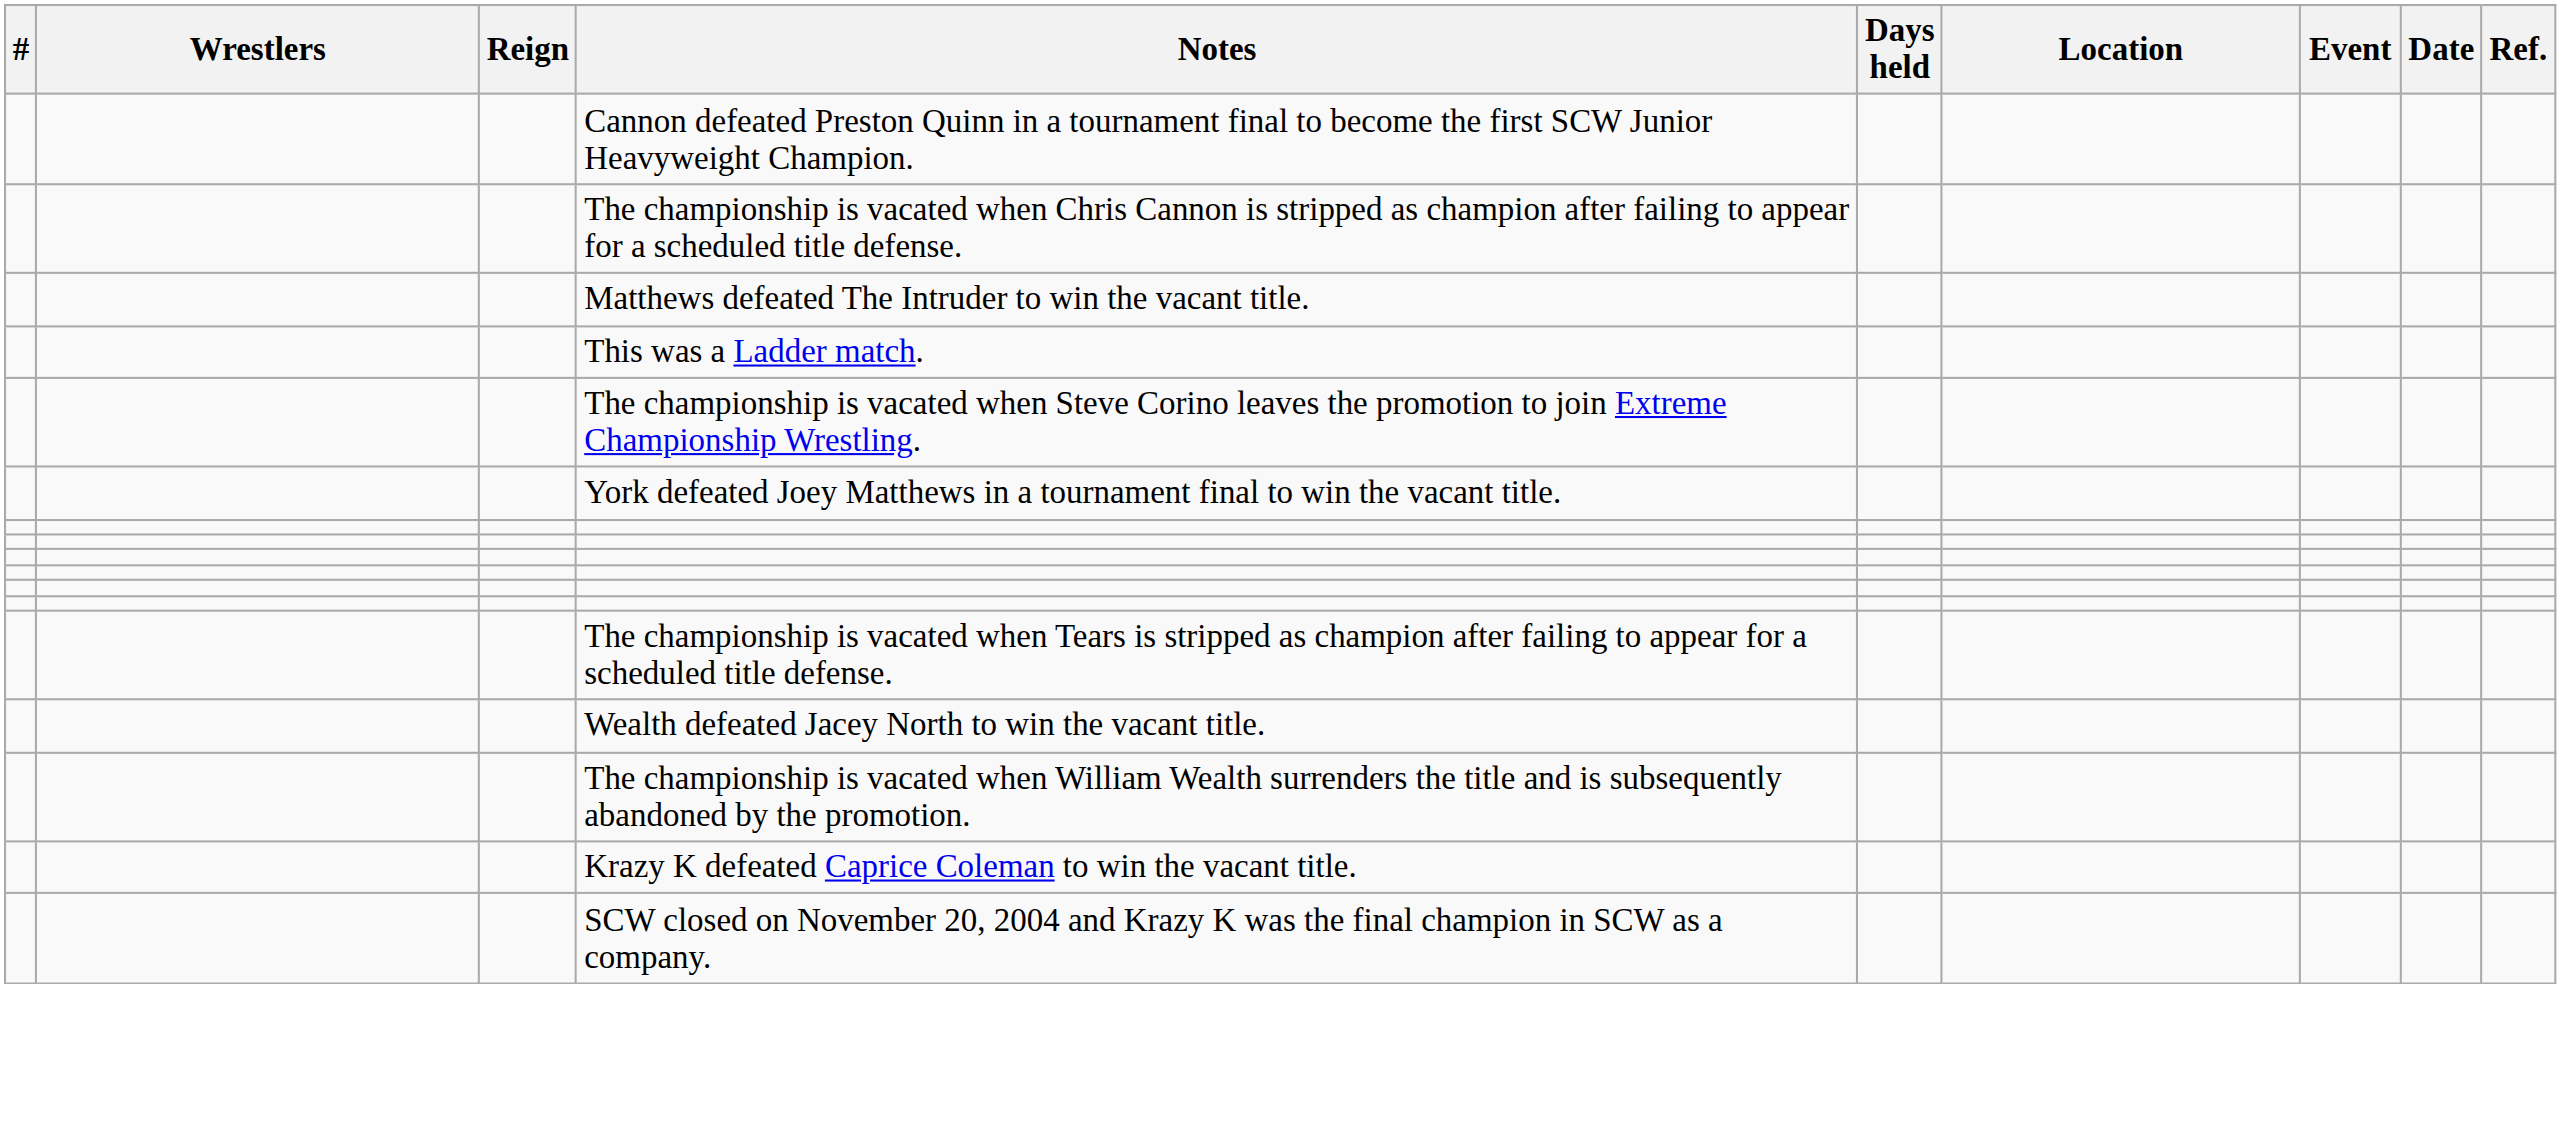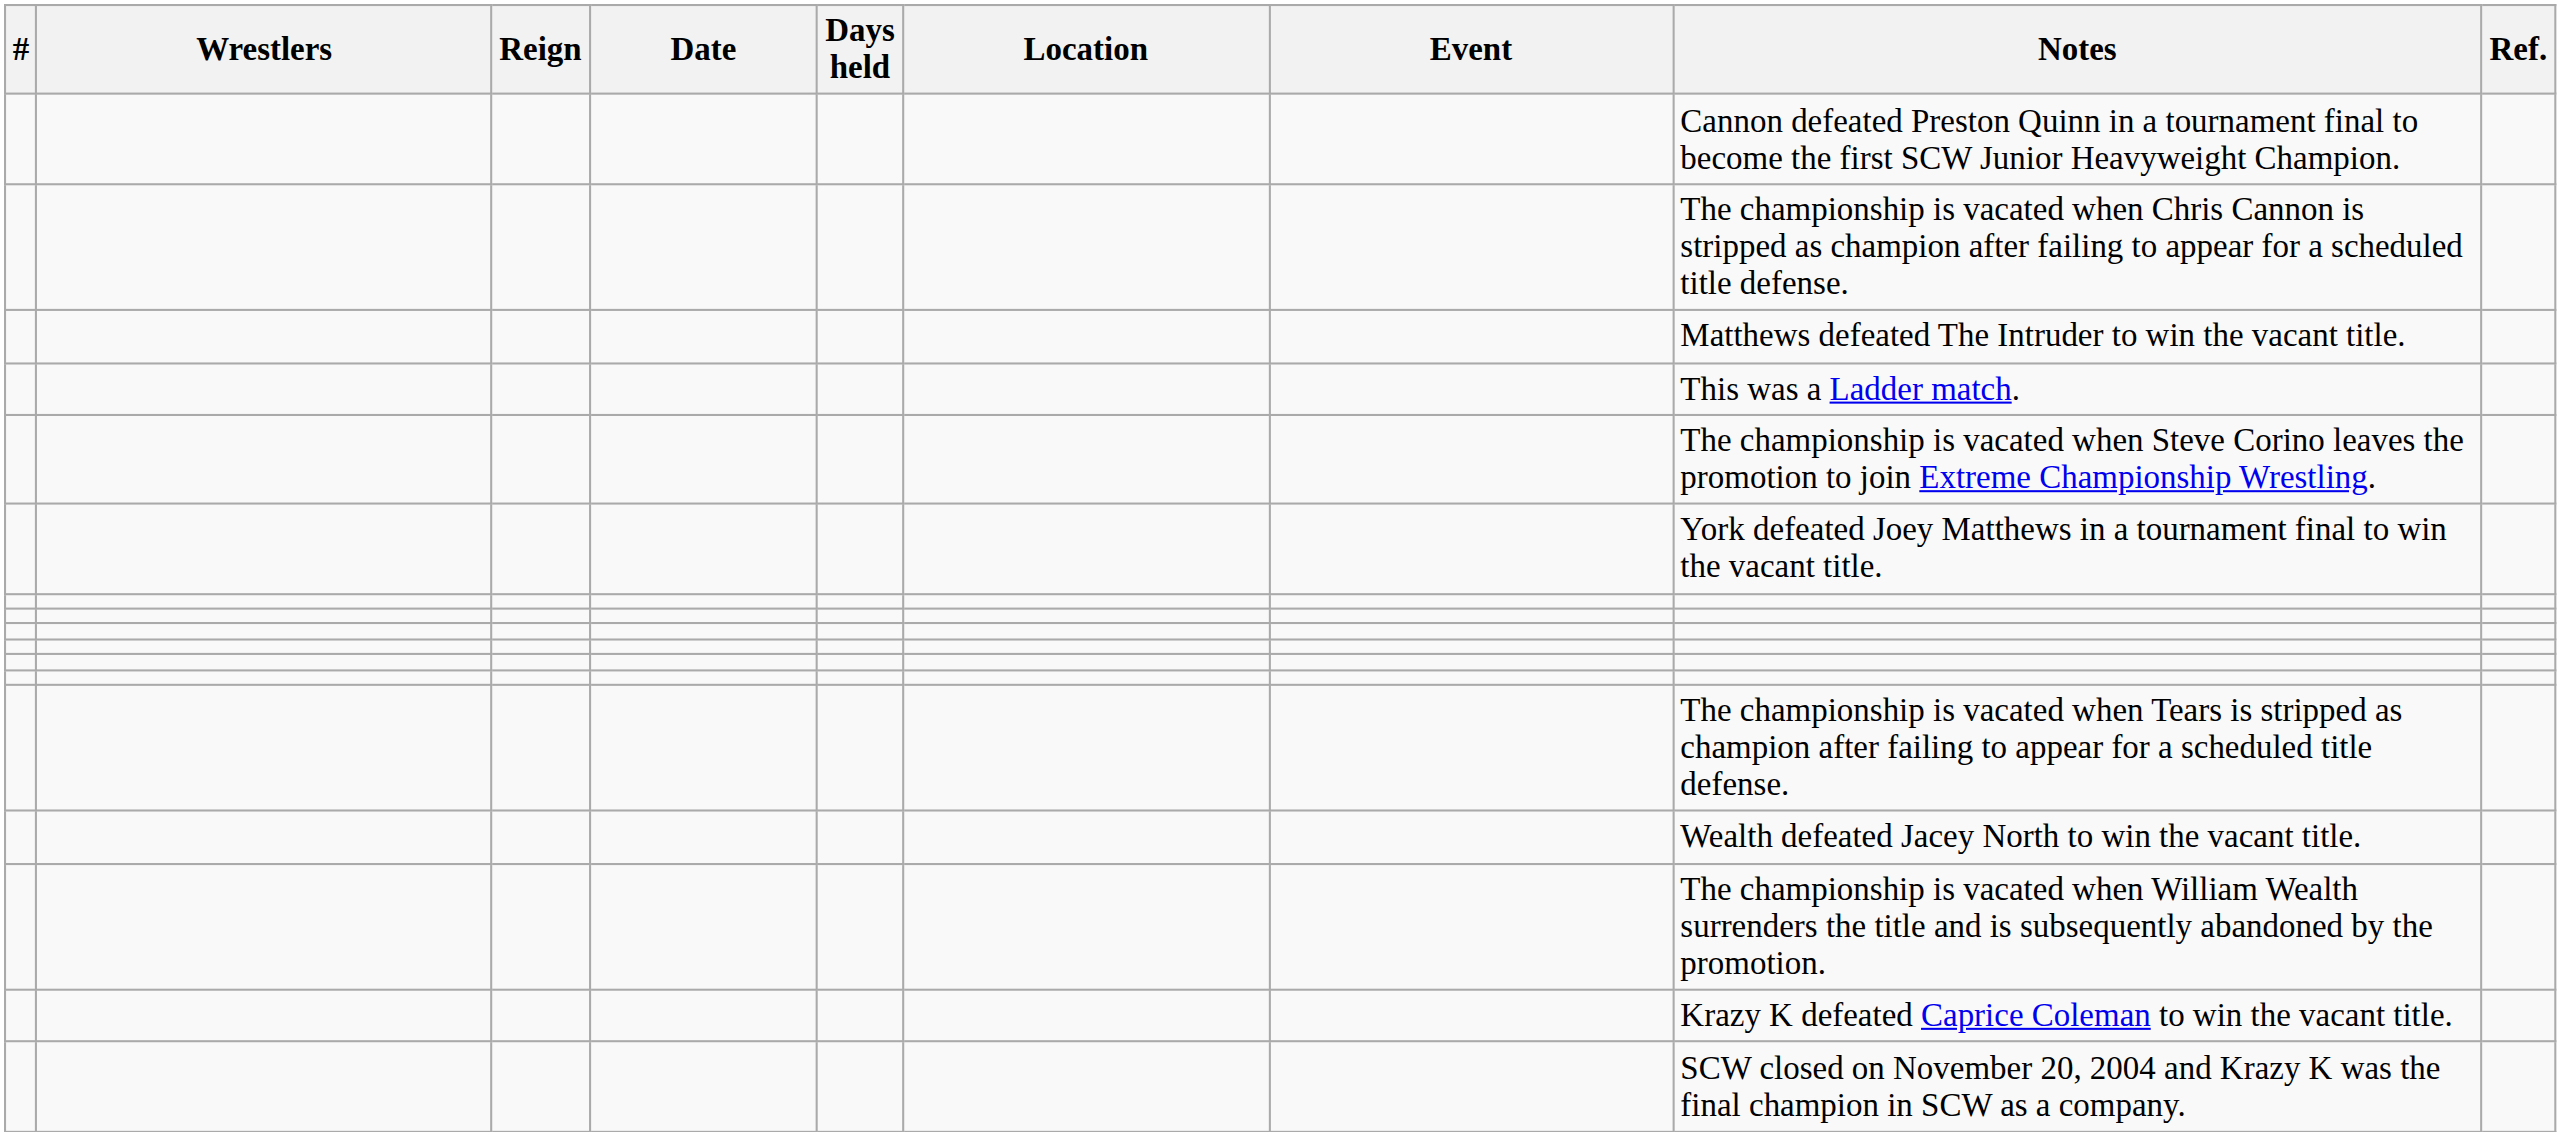 <table class="wikitable sortable" width=98% style="text-align:center;">
 <tr>
 <th width=0%>#</th>
 <th width=20%>Wrestlers</th>
 <th width=0%>Reign</th>
-<th width=60% class="unsortable">Notes</th>
+<th width=10%>Date</th>
 <th width=0%>Days<br>held</th>
 <th width=16%>Location</th>
 <th width=18%>Event</th>
-<th width=10%>Date</th>
+<th width=60% class="unsortable">Notes</th>
 <th width=0% class="unsortable">Ref.</th>
 </tr>
 <tr>
 <td></td>
 <td></td>
 <td></td>
-<td align="left">Cannon defeated Preston Quinn in a tournament final to become the first SCW Junior Heavyweight Champion.</td>
 <td></td>
 <td></td>
 <td></td>
 <td></td>
+<td align="left">Cannon defeated Preston Quinn in a tournament final to become the first SCW Junior Heavyweight Champion.</td>
 <td align="left"></td>
 </tr>
 <tr>
 <td></td>
 <td></td>
 <td></td>
-<td align="left">The championship is vacated when Chris Cannon is stripped as champion after failing to appear for a scheduled title defense.</td>
 <td></td>
 <td></td>
 <td></td>
 <td></td>
+<td align="left">The championship is vacated when Chris Cannon is stripped as champion after failing to appear for a scheduled title defense.</td>
 <td align="left"></td>
 </tr>
 <tr>
 <td></td>
 <td></td>
 <td></td>
-<td align="left">Matthews defeated The Intruder to win the vacant title.</td>
 <td></td>
 <td></td>
 <td></td>
 <td></td>
+<td align="left">Matthews defeated The Intruder to win the vacant title.</td>
 <td align="left"></td>
 </tr>
 <tr>
 <td></td>
 <td></td>
 <td></td>
-<td align="left">This was a <a href='#'>Ladder match</a>.</td>
 <td></td>
 <td></td>
 <td></td>
 <td></td>
+<td align="left">This was a <a href='#'>Ladder match</a>.</td>
 <td align="left"></td>
 </tr>
 <tr>
 <td></td>
 <td></td>
 <td></td>
-<td align="left">The championship is vacated when Steve Corino leaves the promotion to join <a href='#'>Extreme Championship Wrestling</a>.</td>
 <td></td>
 <td></td>
 <td></td>
 <td></td>
+<td align="left">The championship is vacated when Steve Corino leaves the promotion to join <a href='#'>Extreme Championship Wrestling</a>.</td>
 <td align="left"></td>
 </tr>
 <tr>
 <td></td>
 <td></td>
 <td></td>
-<td align="left">York defeated Joey Matthews in a tournament final to win the vacant title.</td>
 <td></td>
 <td></td>
 <td></td>
 <td></td>
+<td align="left">York defeated Joey Matthews in a tournament final to win the vacant title.</td>
 <td align="left"></td>
 </tr>
 <tr>
 <td></td>
 <td></td>
 <td></td>
-<td align="left"></td>
 <td></td>
 <td></td>
 <td></td>
 <td></td>
+<td align="left"></td>
 <td align="left"></td>
 </tr>
 <tr>
 <td></td>
 <td></td>
 <td></td>
-<td align="left"></td>
 <td></td>
 <td></td>
 <td></td>
 <td></td>
+<td align="left"></td>
 <td align="left"></td>
 </tr>
 <tr>
 <td></td>
 <td></td>
 <td></td>
-<td align="left"></td>
 <td></td>
 <td></td>
 <td></td>
 <td></td>
+<td align="left"></td>
 <td align="left"></td>
 </tr>
 <tr>
 <td></td>
 <td></td>
 <td></td>
-<td align="left"></td>
 <td></td>
 <td></td>
 <td></td>
 <td></td>
+<td align="left"></td>
 <td align="left"></td>
 </tr>
 <tr>
 <td></td>
 <td></td>
 <td></td>
-<td align="left"></td>
 <td></td>
 <td></td>
 <td></td>
 <td></td>
+<td align="left"></td>
 <td align="left"></td>
 </tr>
 <tr>
 <td></td>
 <td></td>
 <td></td>
-<td align="left"></td>
 <td></td>
 <td></td>
 <td></td>
 <td></td>
+<td align="left"></td>
 <td align="left"></td>
 </tr>
 <tr>
 <td></td>
 <td></td>
 <td></td>
-<td align="left">The championship is vacated when Tears is stripped as champion after failing to appear for a scheduled title defense.</td>
 <td></td>
 <td></td>
 <td></td>
 <td></td>
+<td align="left">The championship is vacated when Tears is stripped as champion after failing to appear for a scheduled title defense.</td>
 <td align="left"></td>
 </tr>
 <tr>
 <td></td>
 <td></td>
 <td></td>
-<td align="left">Wealth defeated Jacey North to win the vacant title.</td>
 <td></td>
 <td></td>
 <td></td>
 <td></td>
+<td align="left">Wealth defeated Jacey North to win the vacant title.</td>
 <td align="left"></td>
 </tr>
 <tr>
 <td></td>
 <td></td>
 <td></td>
-<td align="left">The championship is vacated when William Wealth surrenders the title and is subsequently abandoned by the promotion.</td>
 <td></td>
 <td></td>
 <td></td>
 <td></td>
+<td align="left">The championship is vacated when William Wealth surrenders the title and is subsequently abandoned by the promotion.</td>
 <td align="left"></td>
 </tr>
 <tr>
 <td></td>
 <td></td>
 <td></td>
-<td align="left">Krazy K defeated <a href='#'>Caprice Coleman</a> to win the vacant title.</td>
 <td></td>
 <td></td>
 <td></td>
 <td></td>
+<td align="left">Krazy K defeated <a href='#'>Caprice Coleman</a> to win the vacant title.</td>
 <td align="left"></td>
 </tr>
 <tr>
 <td></td>
 <td></td>
 <td></td>
-<td align="left">SCW closed on November 20, 2004 and Krazy K was the final champion in SCW as a company.</td>
 <td></td>
 <td></td>
 <td></td>
 <td></td>
+<td align="left">SCW closed on November 20, 2004 and Krazy K was the final champion in SCW as a company.</td>
 <td align="left"></td>
 </tr>
 </table>
